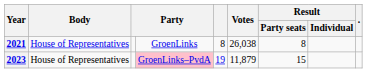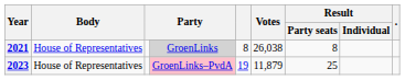 <table class="wikitable plainrowheaders sortable" border=2 cellpadding=4 cellspacing=0 style="border: 1px #aaa solid; font-size: 90%; text-align:center;">
 <tr>
 <th scope="col" rowspan=2>Year</th>
 <th scope="col" rowspan=2>Body</th>
 <th scope="col" colspan=2 rowspan=2>Party</th>
 <th scope="col" rowspan=2></th>
 <th scope="col" rowspan=2>Votes</th>
 <th scope="colgroup" colspan=2>Result</th>
 <th scope="col" rowspan=2 class="unsortable">.</th>
 </tr>
 <tr>
 <th scope="col">Party seats</th>
 <th scope="col">Individual</th>
 </tr>
 <tr>
 <th scope="row"><a href='#'>2021</a></th>
 <td><a href='#'>House of Representatives</a></td>
 <td style="background-color:"></td>
-<td><a href='#'>GroenLinks</a></td>
+<td style="background: lightgrey;"><a href='#'>GroenLinks</a></td>
 <td style=text-align:right>8</td>
 <td style=text-align:right>26,038</td>
 <td style=text-align:right>8</td>
 <td></td>
 <td></td>
 </tr>
 <tr>
 <th scope="row"><a href='#'>2023</a></th>
 <td>House of Representatives</td>
 <td style="background-color:"></td>
 <td style="background: pink;"><a href='#'>GroenLinks–PvdA</a></td>
 <td style=text-align:right><a href='#'>19</a></td>
 <td style=text-align:right>11,879</td>
-<td style=text-align:right>15</td>
+<td style=text-align:right>25</td>
 <td></td>
 <td></td>
 </tr>
 </table>
